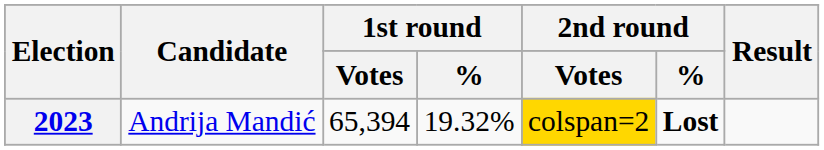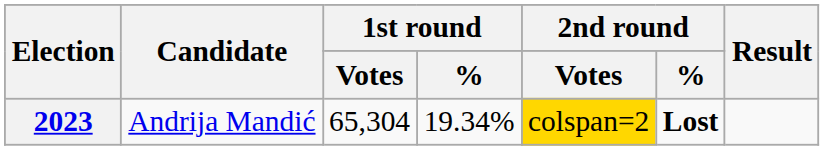 <table class="wikitable" style="text-align:center">
 <tr>
 <th rowspan="2">Election</th>
 <th rowspan="2">Candidate</th>
 <th colspan="2">1st round</th>
 <th colspan="2">2nd round</th>
 <th rowspan="2">Result</th>
 </tr>
 <tr>
 <th>Votes</th>
 <th>%</th>
 <th>Votes</th>
 <th>%</th>
 </tr>
 <tr>
 <th><a href='#'>2023</a></th>
 <td><a href='#'>Andrija Mandić</a></td>
-<td>65,394</td>
-<td>19.32%</td>
+<td>65,304</td>
+<td>19.34%</td>
 <td style="background: gold;">colspan=2 </td>
 <td><strong>Lost</strong>  </td>
 </tr>
 </table>
